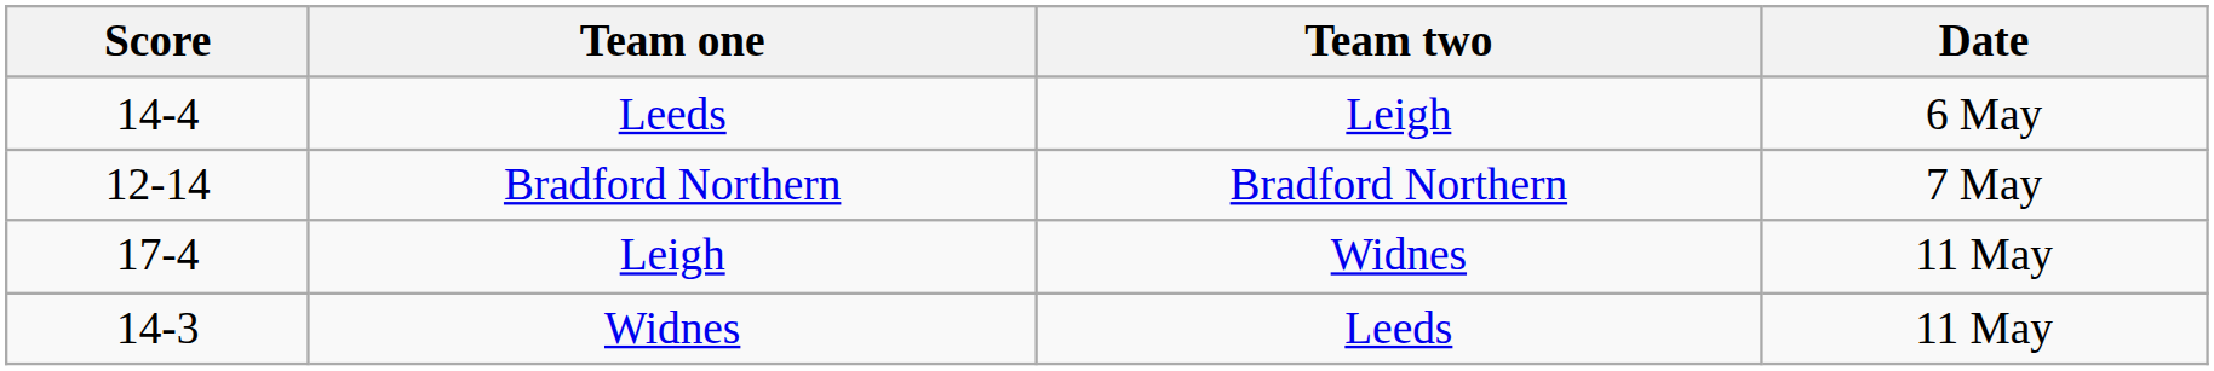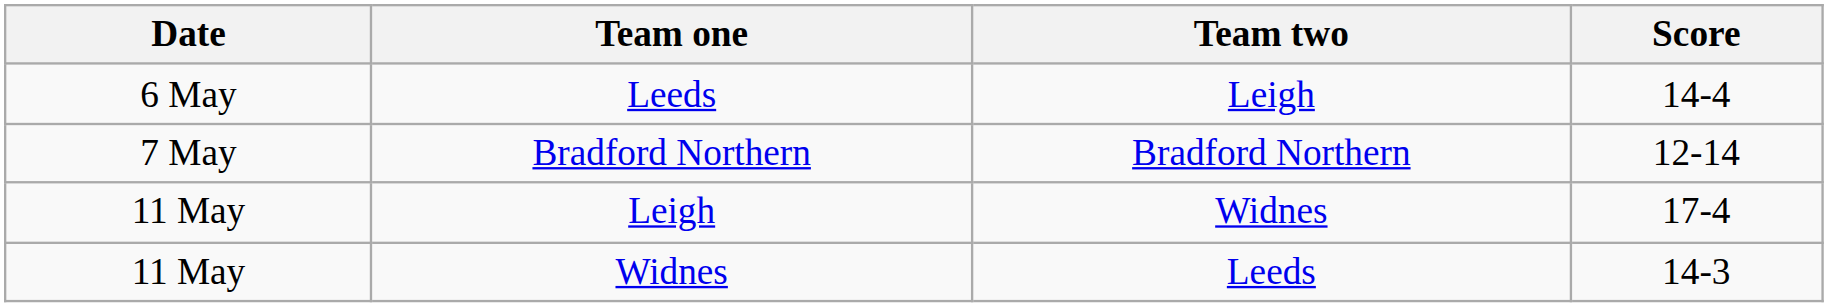 <table class="wikitable" style="text-align: center">
 <tr>
-<th width=100>Score</th>
+<th width=150>Date</th>
 <th width=250>Team one</th>
 <th width=250>Team two</th>
-<th width=150>Date</th>
+<th width=100>Score</th>
 </tr>
 <tr>
-<td>14-4</td>
+<td>6 May</td>
 <td><a href='#'>Leeds</a></td>
 <td><a href='#'>Leigh</a></td>
-<td>6 May</td>
+<td>14-4</td>
 </tr>
 <tr>
-<td>12-14</td>
+<td>7 May</td>
 <td><a href='#'>Bradford Northern</a></td>
 <td><a href='#'>Bradford Northern</a></td>
-<td>7 May</td>
+<td>12-14</td>
 </tr>
 <tr>
-<td>17-4</td>
+<td>11 May</td>
 <td><a href='#'>Leigh</a></td>
 <td><a href='#'>Widnes</a></td>
-<td>11 May</td>
+<td>17-4</td>
 </tr>
 <tr>
-<td>14-3</td>
+<td>11 May</td>
 <td><a href='#'>Widnes</a></td>
 <td><a href='#'>Leeds</a></td>
-<td>11 May</td>
+<td>14-3</td>
 </tr>
 </table>
